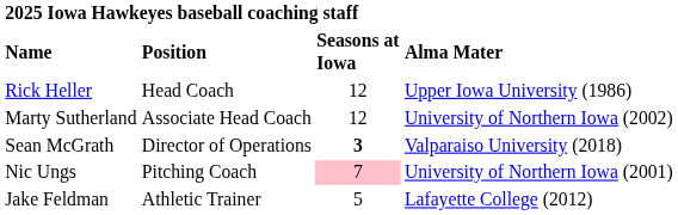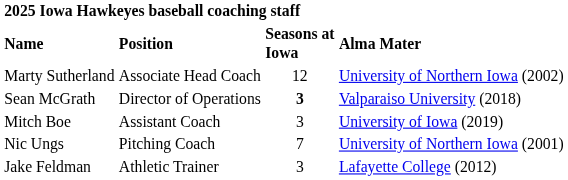 <table class="toccolours" style="text-align: left; font-size:90%;">
 <tr>
 <th colspan="4">2025 Iowa Hawkeyes baseball coaching staff</th>
 </tr>
 <tr>
 <th>Name</th>
 <th>Position</th>
 <th>Seasons at<br>Iowa</th>
 <th>Alma Mater</th>
-</tr>
-<tr>
-<td><a href='#'>Rick Heller</a></td>
-<td>Head Coach</td>
-<td align=center>12</td>
-<td><a href='#'>Upper Iowa University</a> (1986)</td>
 </tr>
 <tr>
 <td>Marty Sutherland</td>
 <td>Associate Head Coach</td>
 <td align=center>12</td>
 <td><a href='#'>University of Northern Iowa</a> (2002)</td>
 </tr>
 <tr>
 <td>Sean McGrath</td>
 <td>Director of Operations</td>
 <td align=center><strong>3</strong></td>
 <td><a href='#'>Valparaiso University</a> (2018)</td>
 </tr>
 <tr>
+<td>Mitch Boe</td>
+<td>Assistant Coach</td>
+<td align=center>3</td>
+<td><a href='#'>University of Iowa</a> (2019)</td>
+</tr>
+<tr>
 <td>Nic Ungs</td>
 <td>Pitching Coach</td>
-<td align=center style="background: pink;">7</td>
+<td align=center>7</td>
 <td><a href='#'>University of Northern Iowa</a> (2001)</td>
 </tr>
 <tr>
 <td>Jake Feldman</td>
 <td>Athletic Trainer</td>
-<td align=center>5</td>
+<td align=center>3</td>
 <td><a href='#'>Lafayette College</a> (2012)</td>
 </tr>
 </table>
